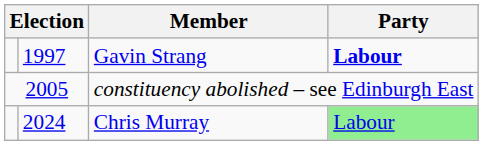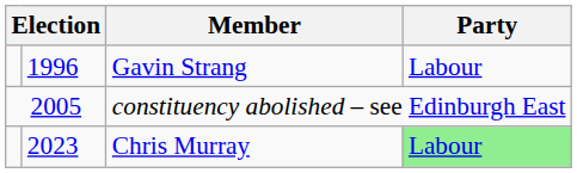 <table class="wikitable">
 <tr>
 <th colspan="2">Election</th>
 <th>Member </th>
 <th>Party</th>
 </tr>
 <tr>
 <td style="color:inherit;background-color: "></td>
-<td><a href='#'>1997</a></td>
+<td><a href='#'>1996</a></td>
 <td><a href='#'>Gavin Strang</a></td>
-<td><strong><a href='#'>Labour</a></strong></td>
+<td><a href='#'>Labour</a></td>
 </tr>
 <tr>
 <td colspan="2" align="center"><a href='#'>2005</a></td>
 <td colspan="2"><em>constituency abolished</em> – see <a href='#'>Edinburgh East</a></td>
 </tr>
 <tr>
 <td style="color:inherit;background-color: "></td>
-<td><a href='#'>2024</a></td>
+<td><a href='#'>2023</a></td>
 <td><a href='#'>Chris Murray</a></td>
 <td style="background: lightgreen;"><a href='#'>Labour</a></td>
 </tr>
 </table>
